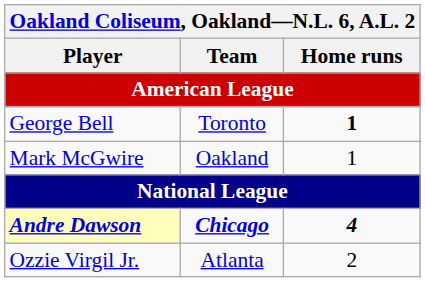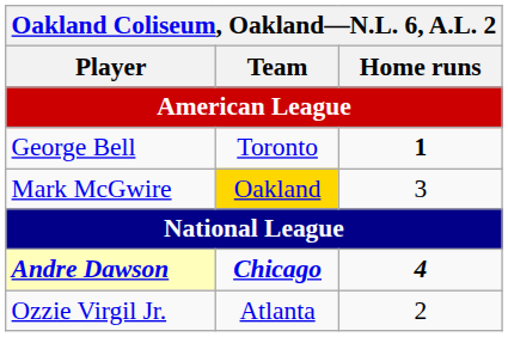 <table class="wikitable">
 <tr>
 <th colspan="3"><a href='#'>Oakland Coliseum</a>, Oakland—N.L. 6, A.L. 2</th>
 </tr>
 <tr>
 <th>Player</th>
 <th>Team</th>
 <th>Home runs</th>
 </tr>
 <tr>
 <th colspan="3" style="text-align:center; background:#CC0001; color:#FFFFFF;">American League</th>
 </tr>
 <tr>
 <td align="left"><a href='#'>George Bell</a></td>
 <td style="text-align:center;"><a href='#'>Toronto</a></td>
 <td style="text-align:center;"><strong>1</strong></td>
 </tr>
 <tr>
 <td align="left"><a href='#'>Mark McGwire</a></td>
-<td style="text-align:center;"><a href='#'>Oakland</a></td>
-<td style="text-align:center;">1</td>
+<td style="background: gold; text-align:center;"><a href='#'>Oakland</a></td>
+<td style="text-align:center;">3</td>
 </tr>
 <tr>
 <th colspan="3" style="text-align:center; background:#020088; color:#FFFFFF;">National League</th>
 </tr>
 <tr>
 <td align="left" style="background:#ffb"><strong><em><a href='#'>Andre Dawson</a></em></strong></td>
 <td style="text-align:center;"><strong><em><a href='#'>Chicago</a></em></strong></td>
 <td style="text-align:center;"><strong><em>4</em></strong></td>
 </tr>
 <tr>
 <td align="left"><a href='#'>Ozzie Virgil Jr.</a></td>
 <td style="text-align:center;"><a href='#'>Atlanta</a></td>
 <td style="text-align:center;">2</td>
 </tr>
 </table>
